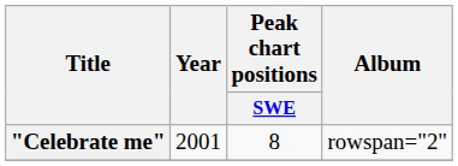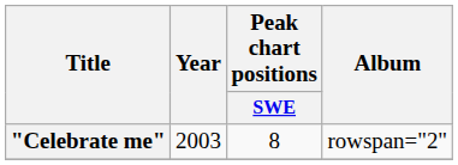 <table class="wikitable plainrowheaders" style="text-align:center;">
 <tr>
 <th scope="col" rowspan="2">Title</th>
 <th scope="col" rowspan="2">Year</th>
 <th scope="col" colspan="1">Peak chart positions</th>
 <th scope="col" rowspan="2">Album</th>
 </tr>
 <tr>
 <th scope="col" style="width:3em;font-size:85%;"><a href='#'>SWE</a></th>
 </tr>
 <tr>
 <th scope="row">"Celebrate me"</th>
-<td>2001</td>
+<td>2003</td>
 <td>8</td>
 <td>rowspan="2" </td>
 </tr>
 <tr>
 </tr>
 </table>
